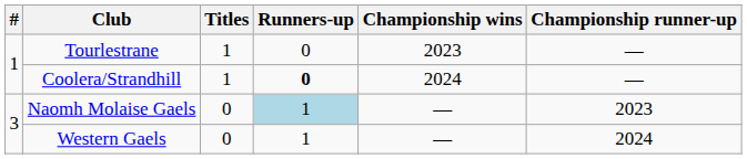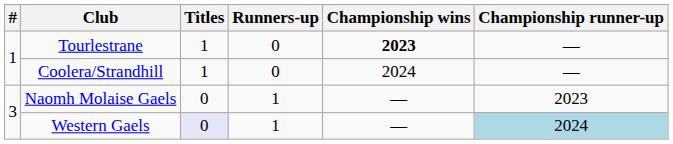 <table class="wikitable sortable" style="text-align:center;">
 <tr>
 <th>#</th>
 <th>Club</th>
 <th>Titles</th>
 <th>Runners-up</th>
 <th>Championship wins</th>
 <th>Championship runner-up</th>
 </tr>
 <tr>
 <td rowspan="2">1</td>
 <td><a href='#'>Tourlestrane</a></td>
 <td>1</td>
 <td>0</td>
-<td>2023</td>
+<td><strong>2023</strong></td>
 <td>—</td>
 </tr>
 <tr>
 <td><a href='#'>Coolera/Strandhill</a></td>
 <td>1</td>
-<td><strong>0</strong></td>
+<td>0</td>
 <td>2024</td>
 <td>—</td>
 </tr>
 <tr>
 <td rowspan="2">3</td>
 <td><a href='#'>Naomh Molaise Gaels</a></td>
 <td>0</td>
-<td style="background: lightblue;">1</td>
+<td>1</td>
 <td>—</td>
 <td>2023</td>
 </tr>
 <tr>
 <td><a href='#'>Western Gaels</a></td>
-<td>0</td>
+<td style="background: lavender;">0</td>
 <td>1</td>
 <td>—</td>
-<td>2024</td>
+<td style="background: lightblue;">2024</td>
 </tr>
 </table>
